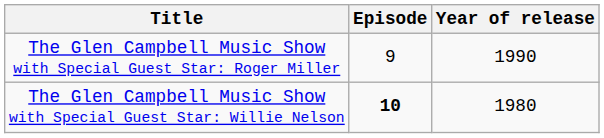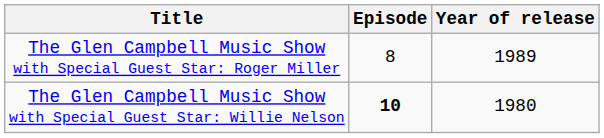 <table class="wikitable">
 <tr>
 <th>Title</th>
 <th>Episode</th>
 <th>Year of release</th>
 </tr>
 <tr>
 <td align="center"><a href='#'>The Glen Campbell Music Show<br><small>with Special Guest Star: Roger Miller</small></a></td>
-<td align="center">9</td>
-<td align="center">1990</td>
+<td align="center">8</td>
+<td align="center">1989</td>
 </tr>
 <tr>
 <td align="center"><a href='#'>The Glen Campbell Music Show<br><small>with Special Guest Star: Willie Nelson</small></a></td>
 <td align="center"><strong>10</strong></td>
 <td align="center">1980</td>
 </tr>
 </table>
